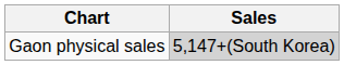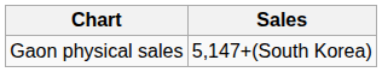 <table class="wikitable">
 <tr>
 <th>Chart</th>
 <th>Sales</th>
 </tr>
 <tr>
 <td>Gaon physical sales</td>
-<td style="background: lightgrey;">5,147+(South Korea)</td>
+<td>5,147+(South Korea)</td>
 </tr>
 </table>
